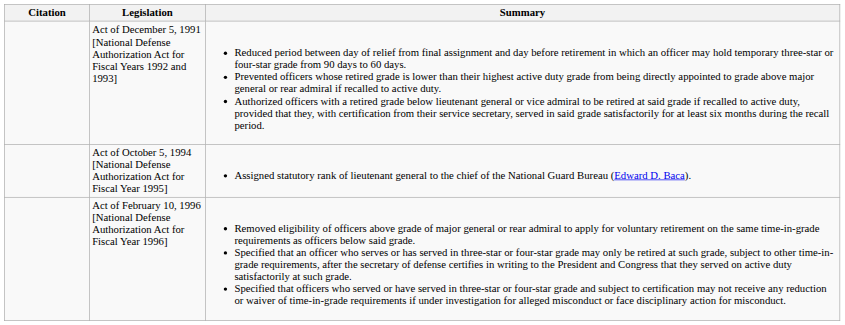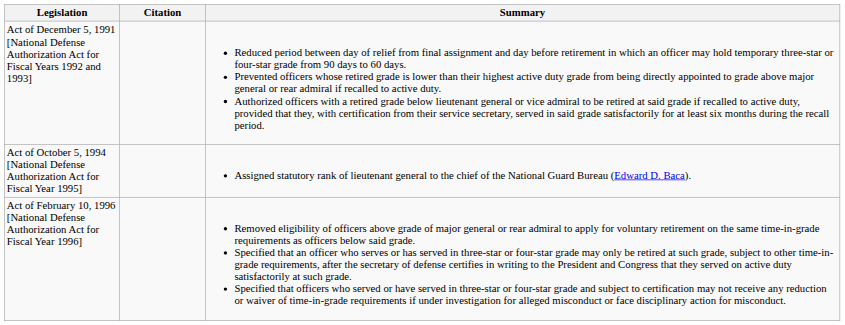 <table class="wikitable">
 <tr>
+<th scope="col" width = 165>Legislation</th>
 <th scope="col" width = 120>Citation</th>
-<th scope="col" width = 165>Legislation</th>
 <th scope="col" class="unsortable">Summary</th>
 </tr>
 <tr style="vertical-align: top;">
+<td>Act of December 5, 1991<br>[National Defense Authorization Act for Fiscal Years 1992 and 1993]</td>
 <td> <br> </td>
-<td>Act of December 5, 1991<br>[National Defense Authorization Act for Fiscal Years 1992 and 1993]</td>
 <td><br><ul><li>Reduced period between day of relief from final assignment and day before retirement in which an officer may hold temporary three-star or four-star grade from 90 days to 60 days.</li><li>Prevented officers whose retired grade is lower than their highest active duty grade from being directly appointed to grade above major general or rear admiral if recalled to active duty.</li><li>Authorized officers with a retired grade below lieutenant general or vice admiral to be retired at said grade if recalled to active duty, provided that they, with certification from their service secretary, served in said grade satisfactorily for at least six months during the recall period.</li></ul></td>
 </tr>
 <tr style="vertical-align: top;">
+<td>Act of October 5, 1994<br>[National Defense Authorization Act for Fiscal Year 1995]</td>
 <td> <br> </td>
-<td>Act of October 5, 1994<br>[National Defense Authorization Act for Fiscal Year 1995]</td>
 <td><br><ul><li>Assigned statutory rank of lieutenant general to the chief of the National Guard Bureau (<a href='#'>Edward D. Baca</a>).</li></ul></td>
 </tr>
 <tr style="vertical-align: top;">
+<td>Act of February 10, 1996<br>[National Defense Authorization Act for Fiscal Year 1996]</td>
 <td> <br> </td>
-<td>Act of February 10, 1996<br>[National Defense Authorization Act for Fiscal Year 1996]</td>
 <td><br><ul><li>Removed eligibility of officers above grade of major general or rear admiral to apply for voluntary retirement on the same time-in-grade requirements as officers below said grade.</li><li>Specified that an officer who serves or has served in three-star or four-star grade may only be retired at such grade, subject to other time-in-grade requirements, after the secretary of defense certifies in writing to the President and Congress that they served on active duty satisfactorily at such grade.</li><li>Specified that officers who served or have served in three-star or four-star grade and subject to certification may not receive any reduction or waiver of time-in-grade requirements if under investigation for alleged misconduct or face disciplinary action for misconduct.</li></ul></td>
 </tr>
 </table>
